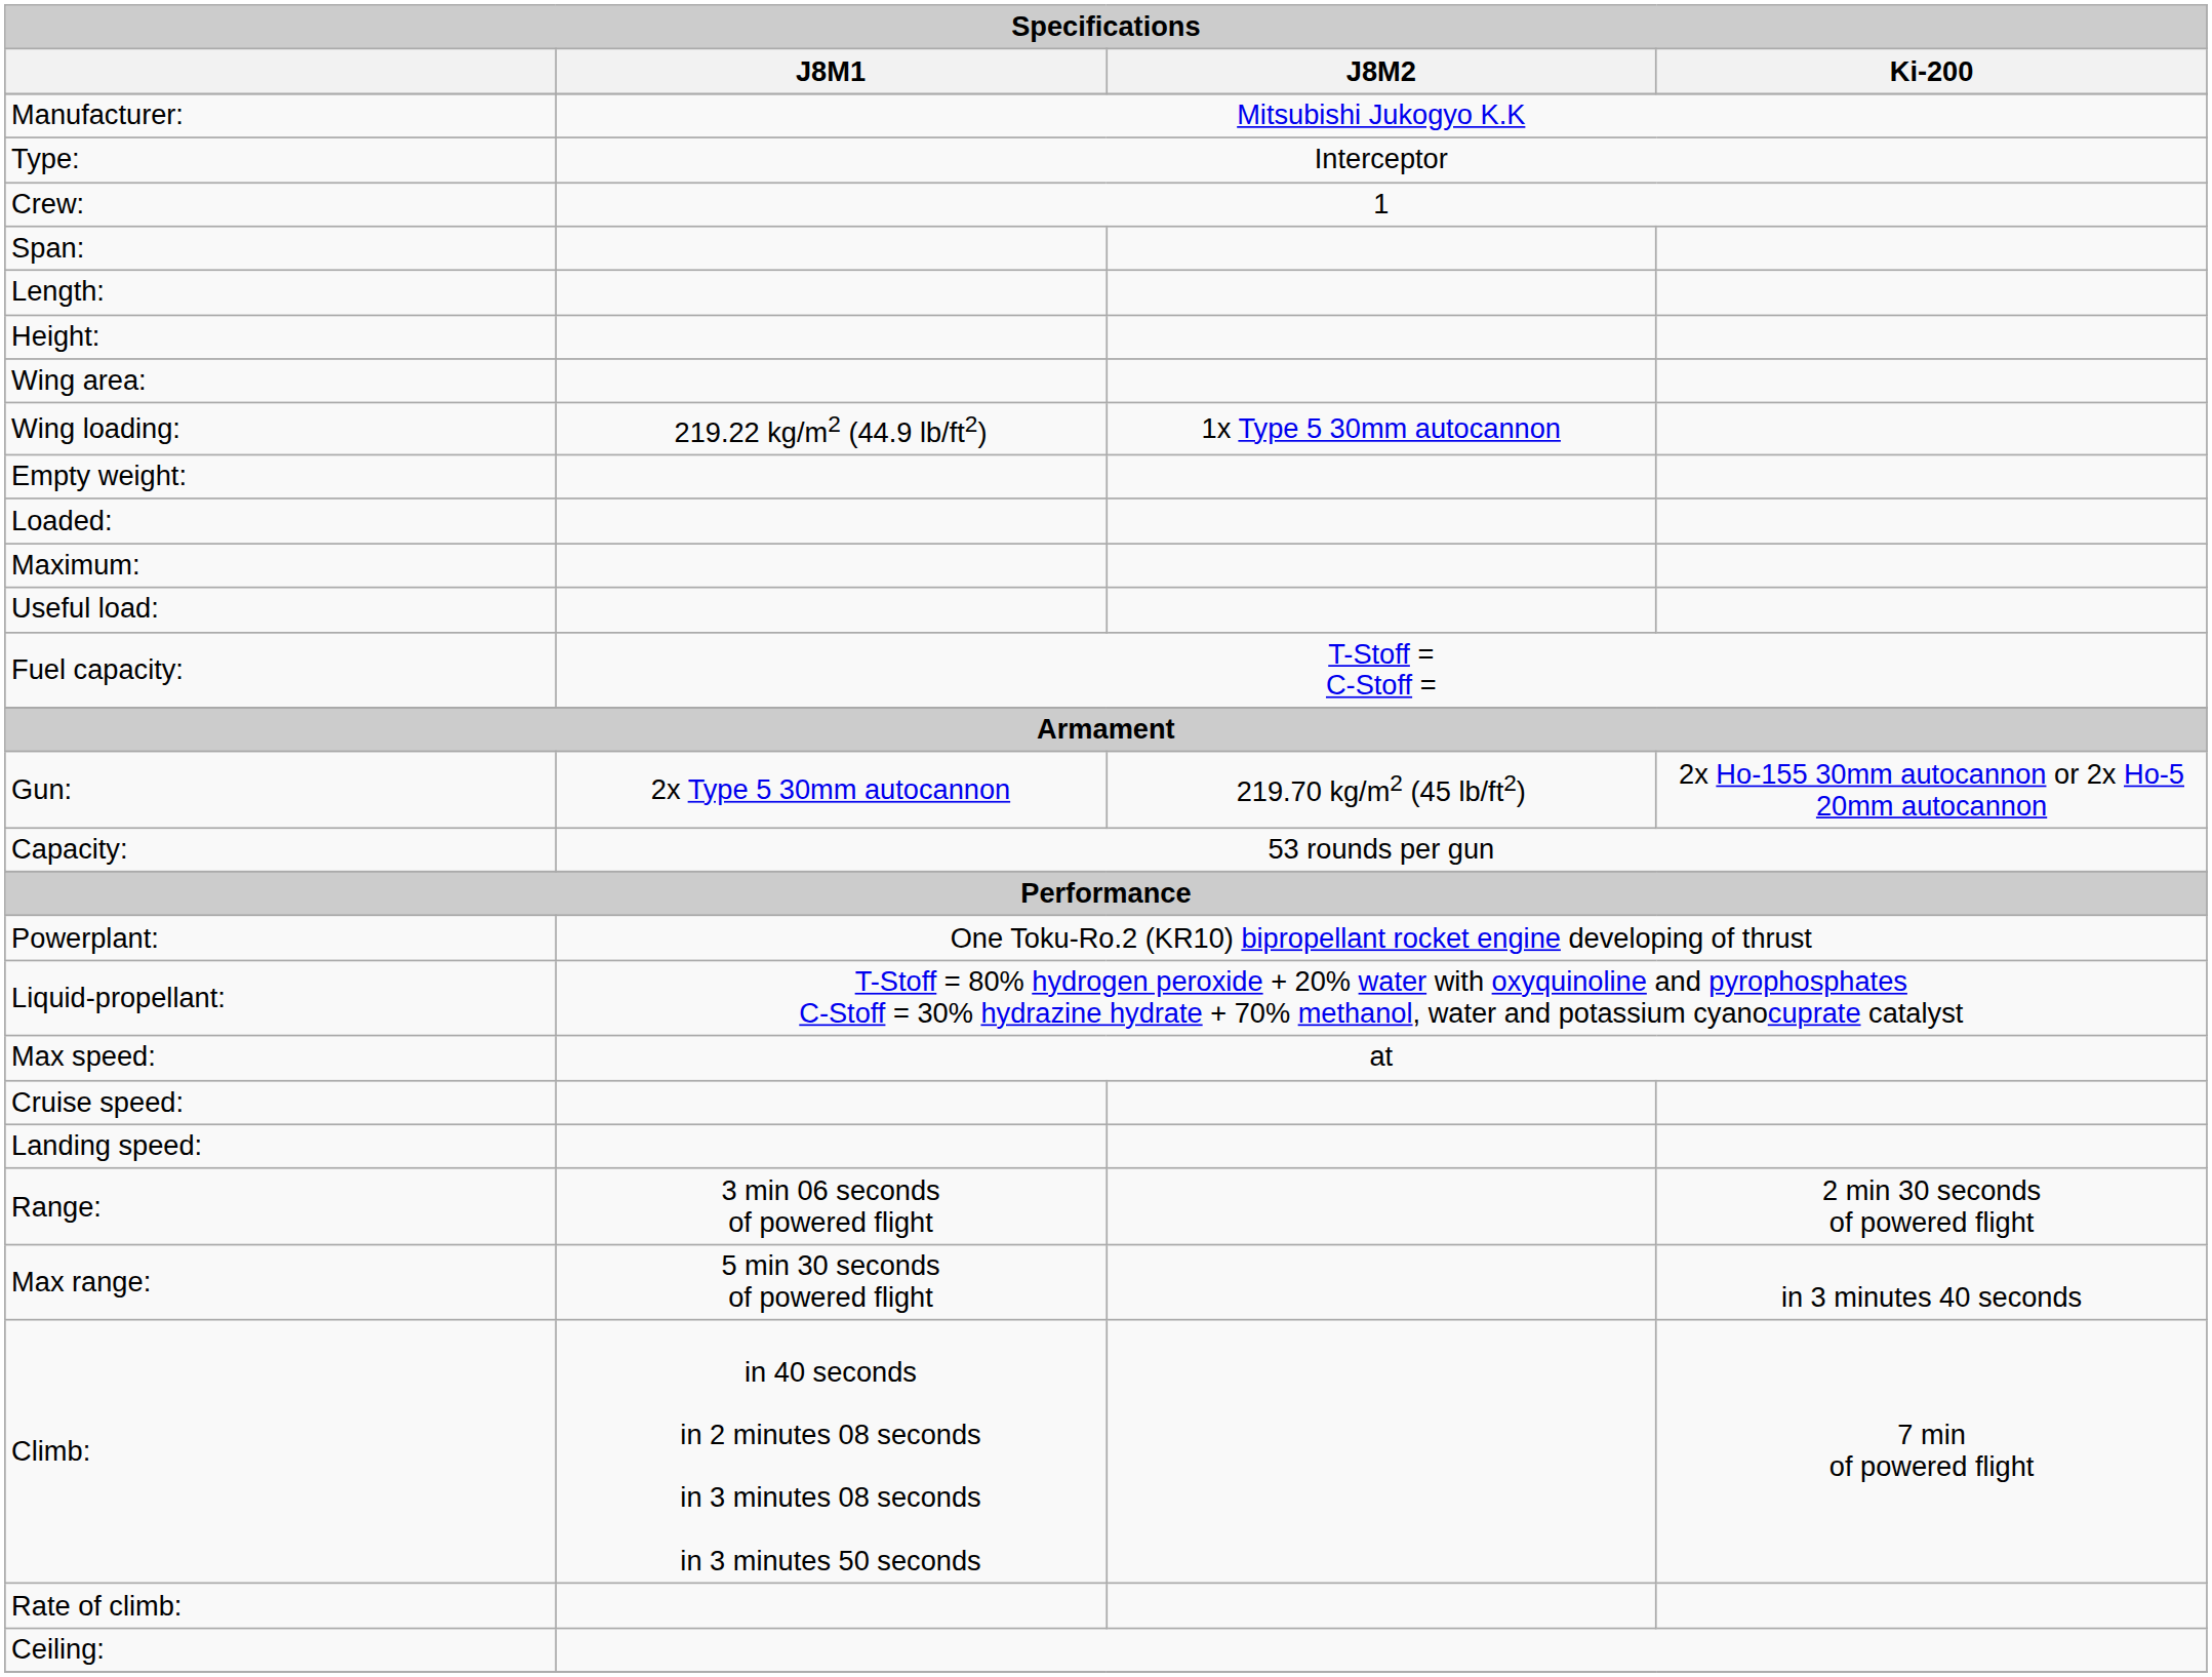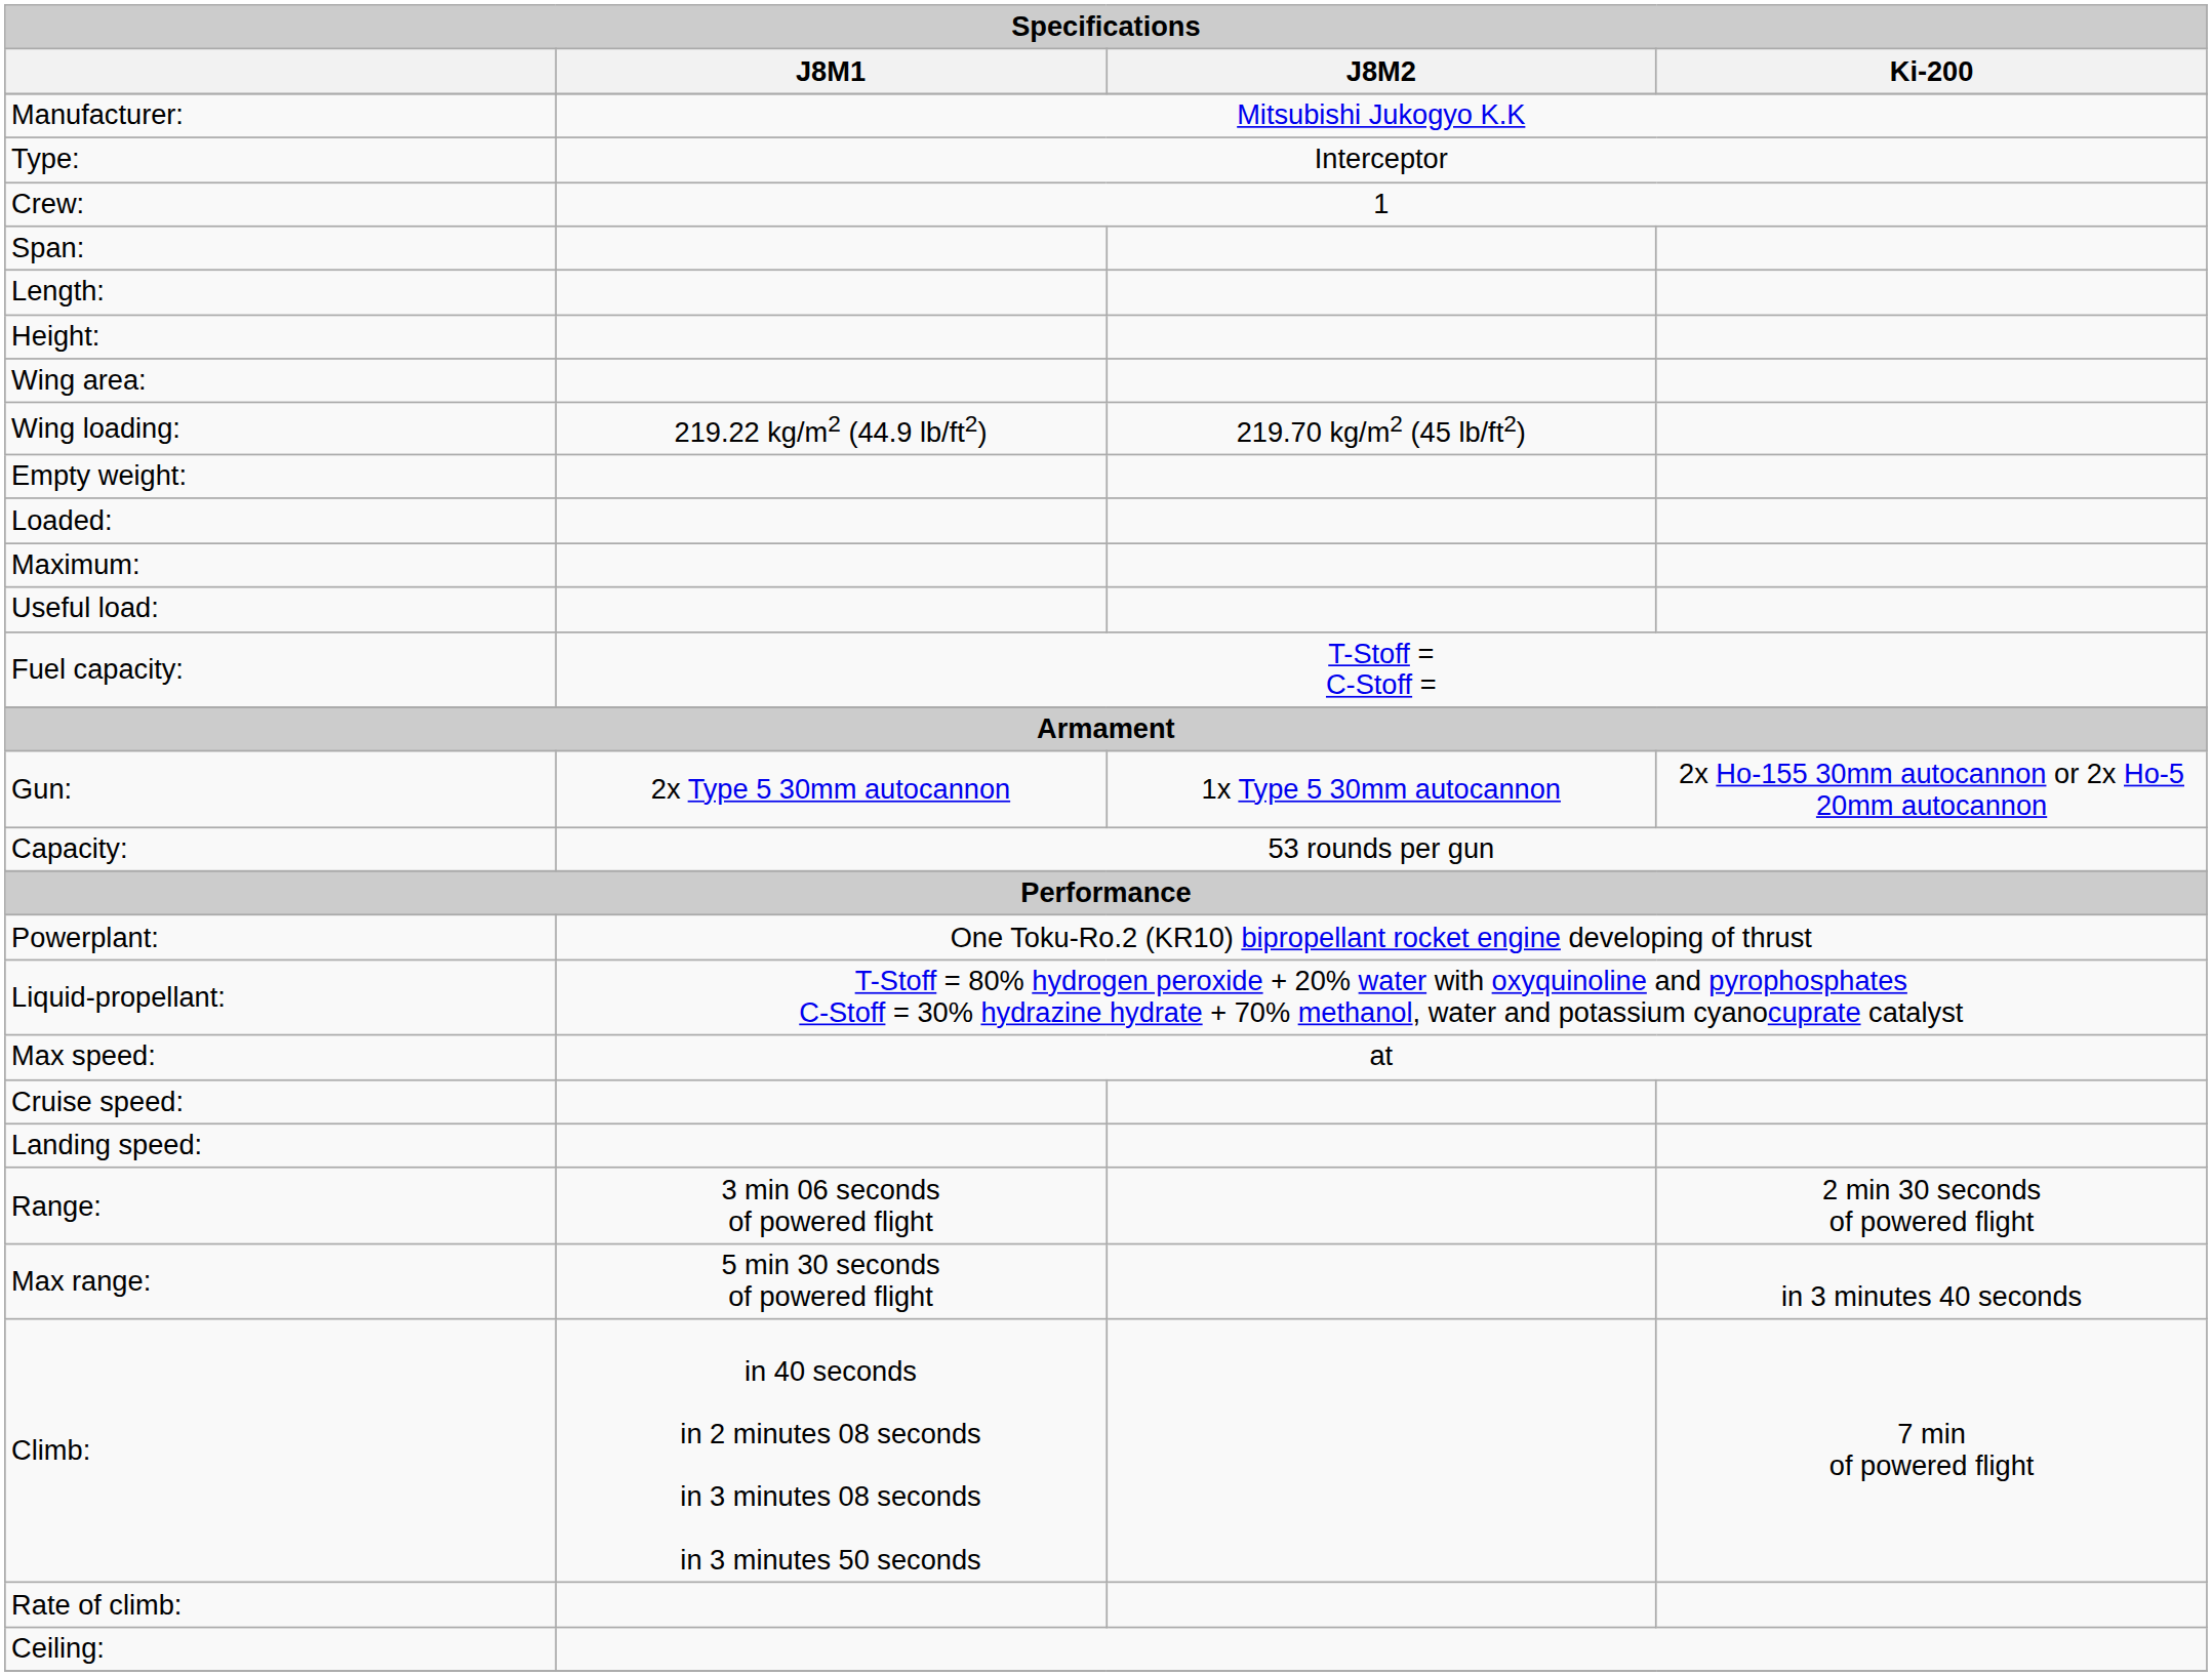 <table class="wikitable left" style="text-align:center; width: 100%">
 <tr style="vertical-align:top; background-color:#ccc;">
 <td colspan="4" style="text-align:center;"><strong>Specifications</strong> </td>
 </tr>
 <tr style="vertical-align:top;">
 <th style="width:14%"></th>
 <th style="width:14%">J8M1</th>
 <th style="width:14%">J8M2</th>
 <th style="width:14%">Ki-200</th>
 </tr>
 <tr style="vertical-align:top;">
 </tr>
 <tr>
 <td style="; text-align:left;">Manufacturer:</td>
 <td colspan="3"><a href='#'>Mitsubishi Jukogyo K.K</a></td>
 </tr>
 <tr>
 <td style="; text-align:left;">Type:</td>
 <td colspan="3">Interceptor</td>
 </tr>
 <tr>
 <td style="; text-align:left;">Crew:</td>
 <td colspan="3">1</td>
 </tr>
 <tr>
 <td style="; text-align:left;">Span:</td>
 <td></td>
 <td></td>
 <td></td>
 </tr>
 <tr>
 <td style="; text-align:left;">Length:</td>
 <td></td>
 <td></td>
 <td></td>
 </tr>
 <tr>
 <td style="; text-align:left;">Height:</td>
 <td></td>
 <td></td>
 <td></td>
 </tr>
 <tr>
 <td style="; text-align:left;">Wing area:</td>
 <td></td>
 <td></td>
 <td></td>
 </tr>
 <tr>
 <td style="; text-align:left;">Wing loading:</td>
 <td>219.22 kg/m<sup>2</sup> (44.9 lb/ft<sup>2</sup>)</td>
-<td>1x <a href='#'>Type 5 30mm autocannon</a></td>
+<td>219.70 kg/m<sup>2</sup> (45 lb/ft<sup>2</sup>)</td>
 <td></td>
 </tr>
 <tr>
 <td style="; text-align:left;">Empty weight:</td>
 <td></td>
 <td></td>
 <td></td>
 </tr>
 <tr>
 <td style="; text-align:left;">Loaded:</td>
 <td></td>
 <td></td>
 </tr>
 <tr>
 <td style="; text-align:left;">Maximum:</td>
 <td></td>
 <td></td>
 <td></td>
 </tr>
 <tr>
 <td style="; text-align:left;">Useful load:</td>
 <td></td>
 <td></td>
 <td></td>
 </tr>
 <tr>
 <td style="; text-align:left;">Fuel capacity:</td>
 <td colspan="3" align="center"><a href='#'>T-Stoff</a> =  <br> <a href='#'>C-Stoff</a> = </td>
 </tr>
 <tr>
 </tr>
 <tr style="vertical-align:top; text-align:center; background-color:#ccc;">
 <td colspan="4"><strong>Armament</strong></td>
 </tr>
 <tr>
 <td style="; text-align:left;">Gun:</td>
 <td>2x <a href='#'>Type 5 30mm autocannon</a></td>
-<td>219.70 kg/m<sup>2</sup> (45 lb/ft<sup>2</sup>)</td>
+<td>1x <a href='#'>Type 5 30mm autocannon</a></td>
 <td>2x <a href='#'>Ho-155 30mm autocannon</a> or 2x <a href='#'>Ho-5 20mm autocannon</a></td>
 </tr>
 <tr>
 <td style="; text-align:left;">Capacity:</td>
 <td colspan="3" align="center">53 rounds per gun</td>
 </tr>
 <tr>
 </tr>
 <tr style="vertical-align:top; text-align:center; background-color:#ccc;">
 <td colspan="4"><strong>Performance</strong></td>
 </tr>
 <tr>
 <td style="; text-align:left;">Powerplant:</td>
 <td colspan="3" align="center">One Toku-Ro.2 (KR10) <a href='#'>bipropellant rocket engine</a> developing  of thrust</td>
 </tr>
 <tr>
 <td style="; text-align:left;">Liquid-propellant:</td>
 <td colspan="3" align="center"><a href='#'>T-Stoff</a> = 80% <a href='#'>hydrogen peroxide</a> + 20% <a href='#'>water</a> with <a href='#'>oxyquinoline</a> and <a href='#'>pyrophosphates</a> <br> <a href='#'>C-Stoff</a> = 30% <a href='#'>hydrazine hydrate</a> + 70% <a href='#'>methanol</a>, water and potassium cyano<a href='#'>cuprate</a> catalyst</td>
 </tr>
 <tr>
 <td style="; text-align:left;">Max speed:</td>
 <td colspan="3" align="center"> at </td>
 </tr>
 <tr>
 <td style="; text-align:left;">Cruise speed:</td>
 <td></td>
 <td></td>
 <td></td>
 </tr>
 <tr>
 <td style="; text-align:left;">Landing speed:</td>
 <td></td>
 <td></td>
 <td></td>
 </tr>
 <tr>
 <td style="; text-align:left;">Range:</td>
 <td>3 min 06 seconds<br> of powered flight</td>
 <td></td>
 <td>2 min 30 seconds<br> of powered flight</td>
 </tr>
 <tr>
 <td style="; text-align:left;">Max range:</td>
 <td>5 min 30 seconds<br> of powered flight</td>
 <td></td>
 <td><br>in 3 minutes 40 seconds</td>
 </tr>
 <tr>
 <td style="; text-align:left;">Climb:</td>
 <td><br>in 40 seconds <br><br>in 2 minutes 08 seconds <br><br>in 3 minutes 08 seconds <br><br>in 3 minutes 50 seconds</td>
 <td></td>
 <td>7 min<br>of powered flight</td>
 </tr>
 <tr>
 <td style="; text-align:left;">Rate of climb:</td>
 <td></td>
 <td></td>
 <td></td>
 </tr>
 <tr>
 <td style="; text-align:left;">Ceiling:</td>
 <td colspan="3"></td>
 </tr>
 <tr>
 </tr>
 </table>
